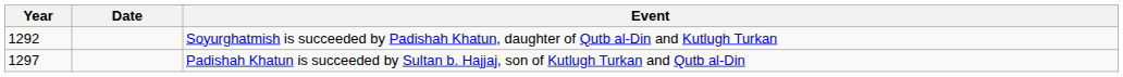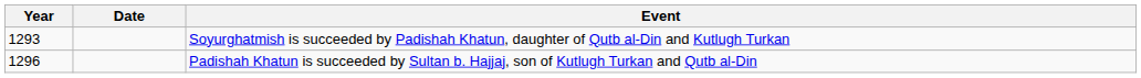 <table class="wikitable" width="100%">
 <tr>
 <th style="width:6%">Year</th>
 <th style="width:10%">Date</th>
 <th>Event</th>
 </tr>
 <tr>
-<td>1292</td>
+<td>1293</td>
 <td></td>
 <td><a href='#'>Soyurghatmish</a> is succeeded by <a href='#'>Padishah Khatun</a>, daughter of <a href='#'>Qutb al-Din</a> and <a href='#'>Kutlugh Turkan</a></td>
 </tr>
 <tr>
-<td>1297</td>
+<td>1296</td>
 <td></td>
 <td><a href='#'>Padishah Khatun</a> is succeeded by <a href='#'>Sultan b. Hajjaj</a>, son of <a href='#'>Kutlugh Turkan</a> and <a href='#'>Qutb al-Din</a></td>
 </tr>
 </table>
